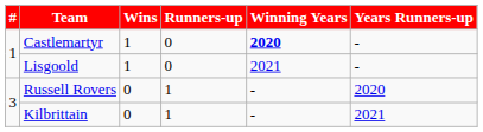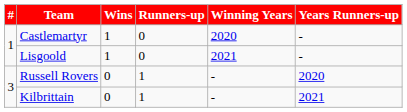 <table class="wikitable">
 <tr>
 <th style="background:red;color:white">#</th>
 <th style="background:red;color:white">Team</th>
 <th style="background:red;color:white">Wins</th>
 <th style="background:red;color:white">Runners-up</th>
 <th style="background:red;color:white">Winning Years</th>
 <th style="background:red;color:white">Years Runners-up</th>
 </tr>
 <tr>
 <td rowspan=2>1</td>
 <td> <a href='#'>Castlemartyr</a></td>
 <td>1</td>
 <td>0</td>
-<td><strong><a href='#'>2020</a></strong></td>
+<td><a href='#'>2020</a></td>
 <td>-</td>
 </tr>
 <tr>
 <td> <a href='#'>Lisgoold</a></td>
 <td>1</td>
 <td>0</td>
 <td><a href='#'>2021</a></td>
 <td>-</td>
 </tr>
 <tr>
 <td rowspan="2">3</td>
 <td> <a href='#'>Russell Rovers</a></td>
 <td>0</td>
 <td>1</td>
 <td>-</td>
 <td><a href='#'>2020</a></td>
 </tr>
 <tr>
 <td> <a href='#'>Kilbrittain</a></td>
 <td>0</td>
 <td>1</td>
 <td>-</td>
 <td><a href='#'>2021</a></td>
 </tr>
 </table>
